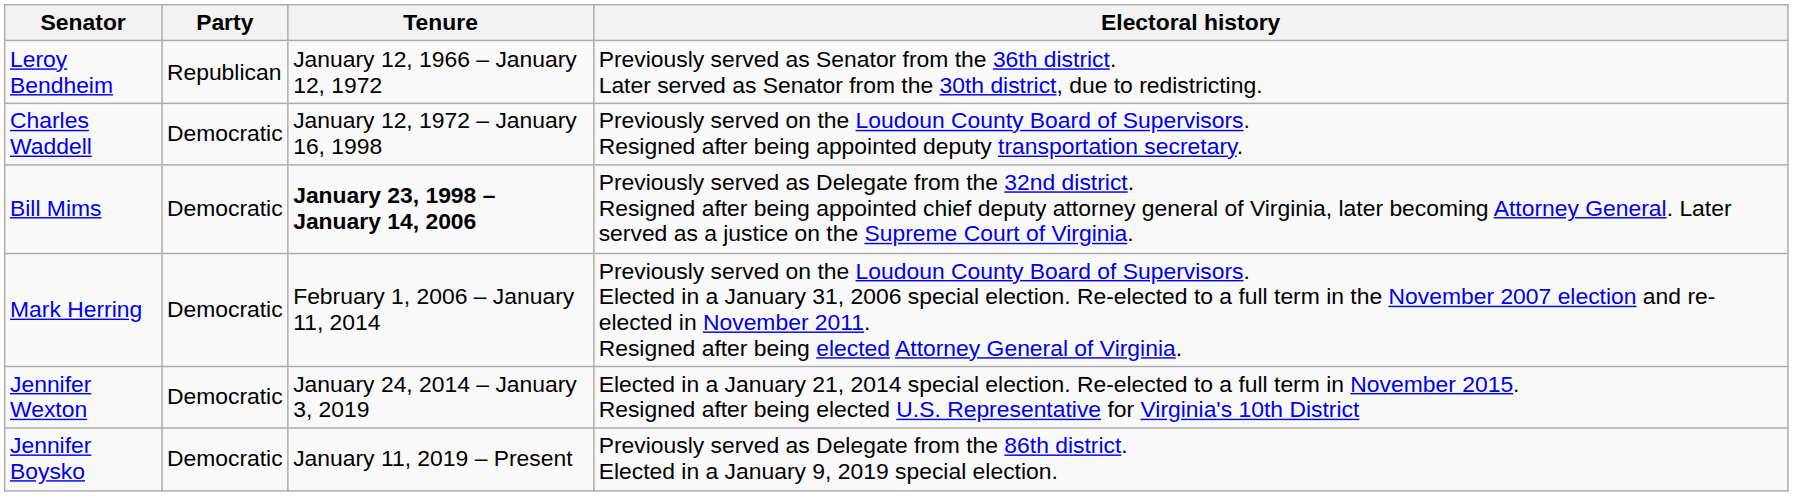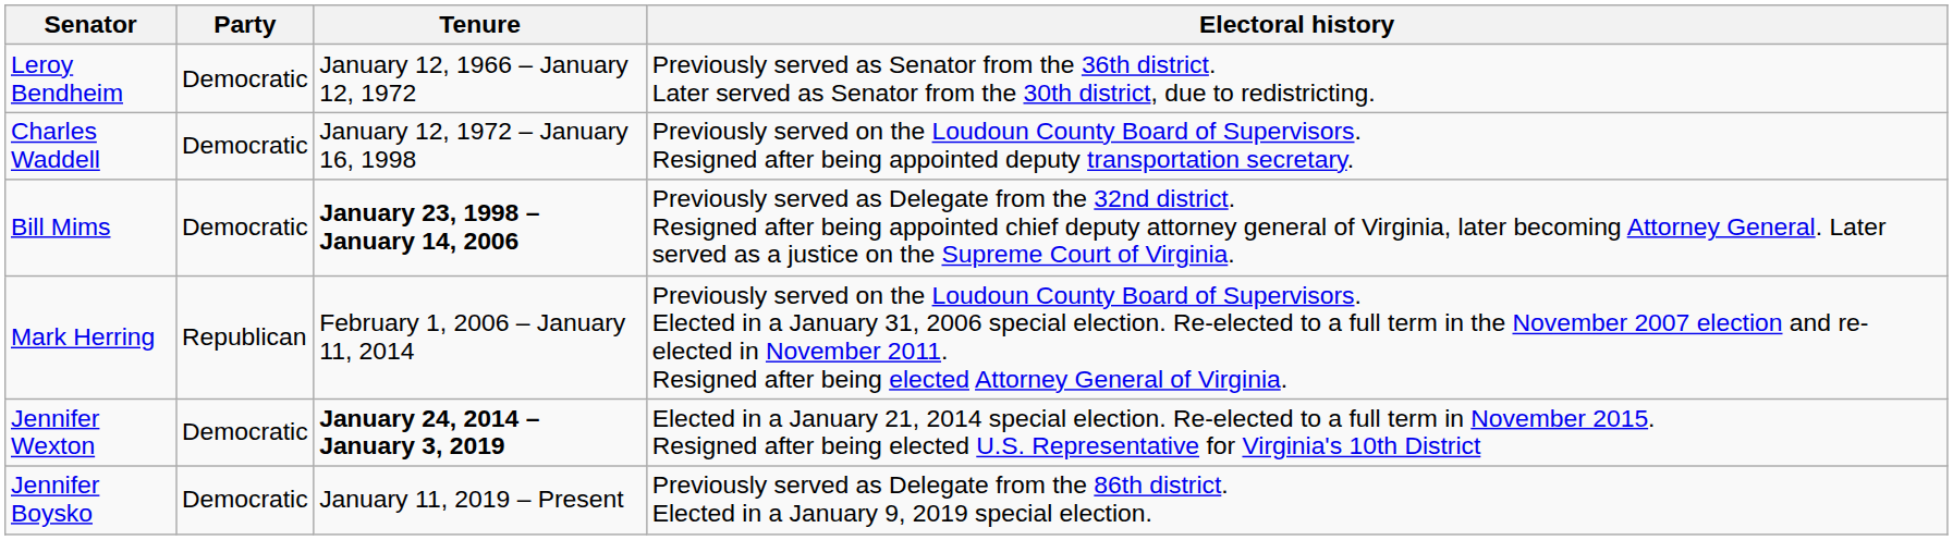 <table class="wikitable">
 <tr>
 <th>Senator</th>
 <th>Party</th>
 <th>Tenure</th>
 <th>Electoral history</th>
 </tr>
 <tr>
 <td><a href='#'>Leroy Bendheim</a></td>
-<td>Republican</td>
+<td>Democratic</td>
 <td>January 12, 1966 – January 12, 1972</td>
 <td>Previously served as Senator from the <a href='#'>36th district</a>.<br>Later served as Senator from the <a href='#'>30th district</a>, due to redistricting.</td>
 </tr>
 <tr>
 <td><a href='#'>Charles Waddell</a></td>
 <td>Democratic</td>
 <td>January 12, 1972 – January 16, 1998</td>
 <td>Previously served on the <a href='#'>Loudoun County Board of Supervisors</a>.<br>Resigned after being appointed deputy <a href='#'>transportation secretary</a>.</td>
 </tr>
 <tr>
 <td><a href='#'>Bill Mims</a></td>
 <td>Democratic</td>
 <td><strong>January 23, 1998 – January 14, 2006</strong></td>
 <td>Previously served as Delegate from the <a href='#'>32nd district</a>.<br>Resigned after being appointed chief deputy attorney general of Virginia, later becoming <a href='#'>Attorney General</a>. Later served as a justice on the <a href='#'>Supreme Court of Virginia</a>.</td>
 </tr>
 <tr>
 <td><a href='#'>Mark Herring</a></td>
-<td>Democratic</td>
+<td>Republican</td>
 <td>February 1, 2006 – January 11, 2014</td>
 <td>Previously served on the <a href='#'>Loudoun County Board of Supervisors</a>.<br>Elected in a January 31, 2006 special election. Re-elected to a full term in the <a href='#'>November 2007 election</a> and re-elected in <a href='#'>November 2011</a>.<br>Resigned after being <a href='#'>elected</a> <a href='#'>Attorney General of Virginia</a>.</td>
 </tr>
 <tr>
 <td><a href='#'>Jennifer Wexton</a></td>
 <td>Democratic</td>
-<td>January 24, 2014 – January 3, 2019</td>
+<td><strong>January 24, 2014 – January 3, 2019</strong></td>
 <td>Elected in a January 21, 2014 special election. Re-elected to a full term in <a href='#'>November 2015</a>.<br>Resigned after being elected <a href='#'>U.S. Representative</a> for <a href='#'>Virginia's 10th District</a></td>
 </tr>
 <tr>
 <td><a href='#'>Jennifer Boysko</a></td>
 <td>Democratic</td>
 <td>January 11, 2019 – Present</td>
 <td>Previously served as Delegate from the <a href='#'>86th district</a>.<br>Elected in a January 9, 2019 special election.</td>
 </tr>
 </table>
